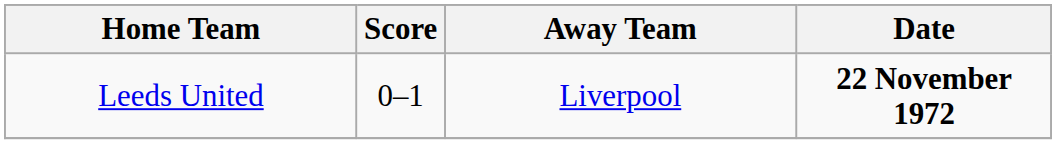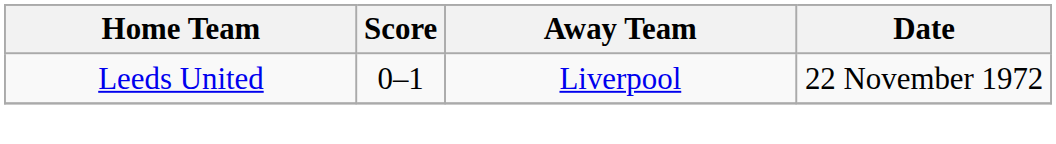 <table class="wikitable" style="text-align:center;">
 <tr>
 <th width=175>Home Team</th>
 <th width=20>Score</th>
 <th width=175>Away Team</th>
 <th width=125>Date</th>
 </tr>
 <tr>
 <td><a href='#'>Leeds United</a></td>
 <td>0–1</td>
 <td><a href='#'>Liverpool</a></td>
-<td><strong>22 November 1972</strong></td>
+<td>22 November 1972</td>
 </tr>
 <tr>
 </tr>
 </table>
